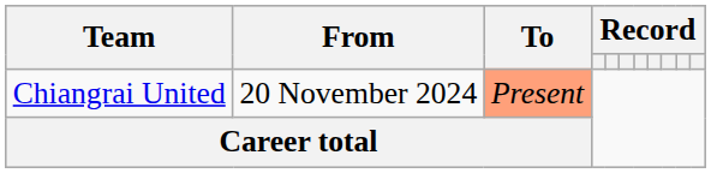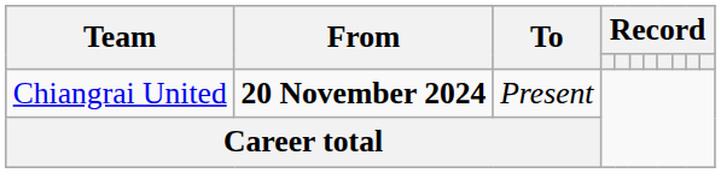 <table class="wikitable" style="text-align: center">
 <tr>
 <th rowspan="2">Team</th>
 <th rowspan="2">From</th>
 <th rowspan="2">To</th>
 <th colspan="8">Record</th>
 </tr>
 <tr>
 <th></th>
 <th></th>
 <th></th>
 <th></th>
 <th></th>
 <th></th>
 <th></th>
 <th></th>
 </tr>
 <tr>
 <td align="left"> <a href='#'>Chiangrai United</a></td>
-<td align=left>20 November 2024</td>
-<td align=left style="background: lightsalmon;"><em>Present</em><br></td>
+<td align=left><strong>20 November 2024</strong></td>
+<td align=left><em>Present</em><br></td>
 </tr>
 <tr>
 <th colspan="3"><strong>Career total</strong><br></th>
 </tr>
 </table>
